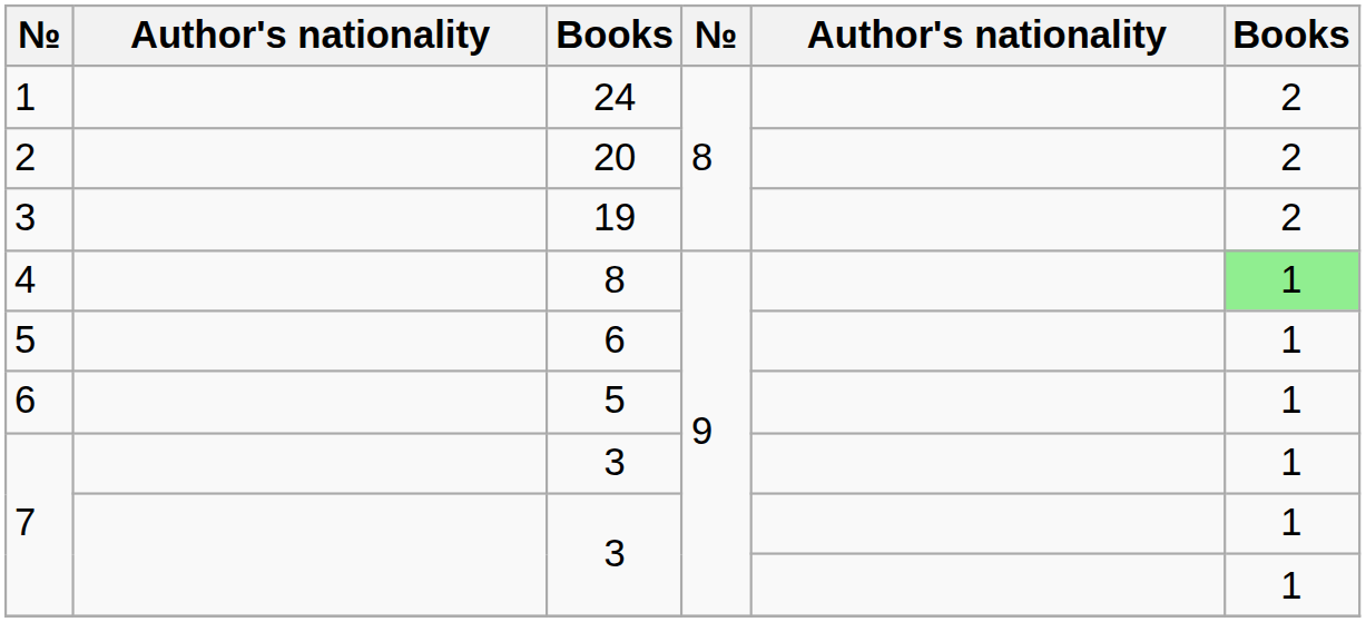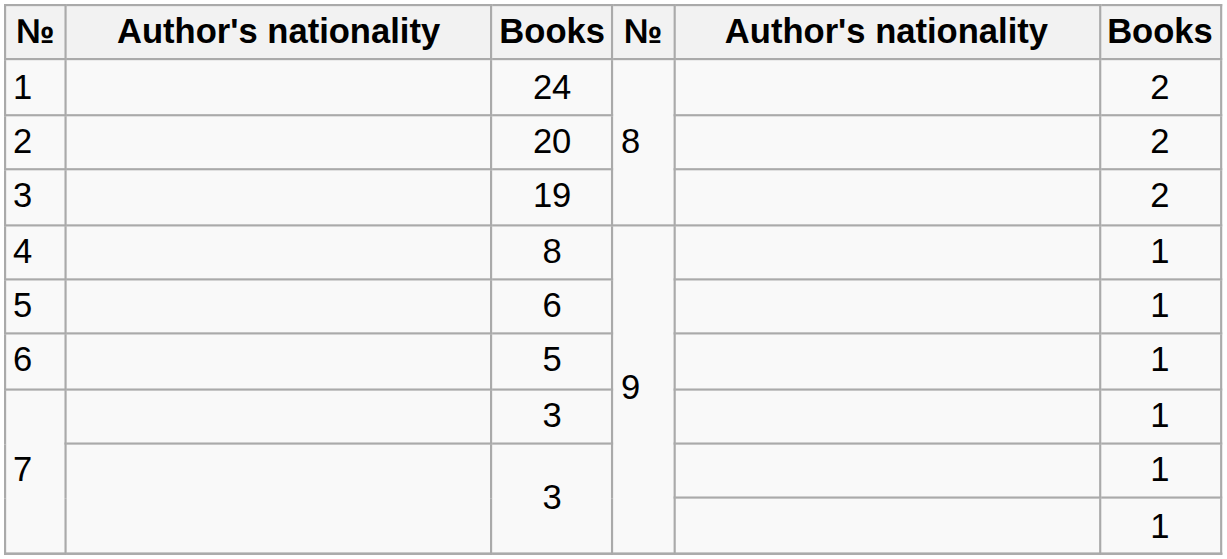 <table class="wikitable" border="1">
 <tr>
 <th width=5%>№</th>
 <th width=35%>Author's nationality</th>
 <th width=10% align="right">Books</th>
 <th width=5%>№</th>
 <th width=35%>Author's nationality</th>
 <th width=10% align="right">Books</th>
 </tr>
 <tr>
 <td>1</td>
 <td></td>
 <td align="center">24</td>
 <td rowspan=3>8</td>
 <td></td>
 <td align="center">2</td>
 </tr>
 <tr>
 <td>2</td>
 <td></td>
 <td align="center">20</td>
 <td></td>
 <td align="center">2</td>
 </tr>
 <tr>
 <td>3</td>
 <td></td>
 <td align="center">19</td>
 <td></td>
 <td align="center">2</td>
 </tr>
 <tr>
 <td>4</td>
 <td></td>
 <td align="center">8</td>
 <td rowspan=6>9</td>
 <td></td>
-<td align="center" style="background: lightgreen;">1</td>
+<td align="center">1</td>
 </tr>
 <tr>
 <td>5</td>
 <td></td>
 <td align="center">6</td>
 <td></td>
 <td align="center">1</td>
 </tr>
 <tr>
 <td>6</td>
 <td></td>
 <td align="center">5</td>
 <td></td>
 <td align="center">1</td>
 </tr>
 <tr>
 <td rowspan=3>7</td>
 <td></td>
 <td align="center">3</td>
 <td></td>
 <td align="center">1</td>
 </tr>
 <tr>
 <td rowspan=2></td>
 <td align="center" rowspan=2>3</td>
 <td></td>
 <td align="center">1</td>
 </tr>
 <tr>
 <td></td>
 <td align="center">1</td>
 </tr>
 <tr>
 </tr>
 </table>
